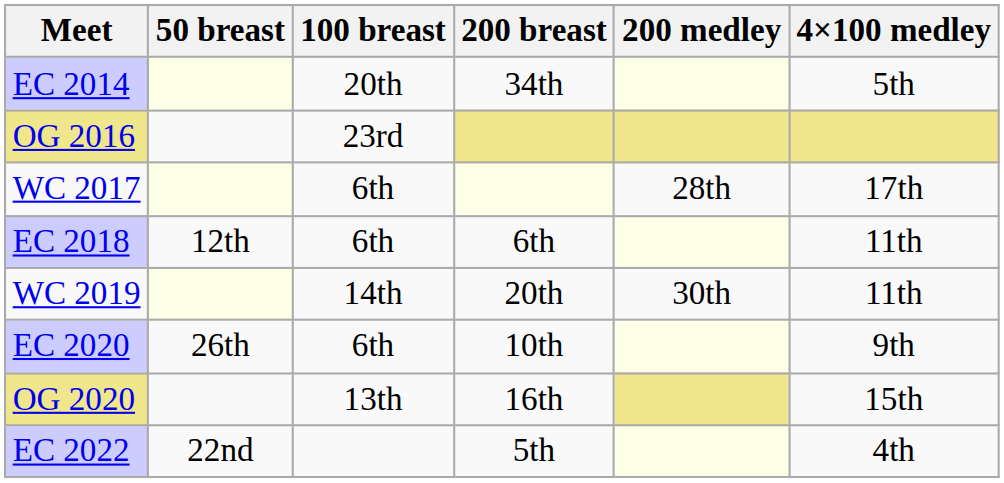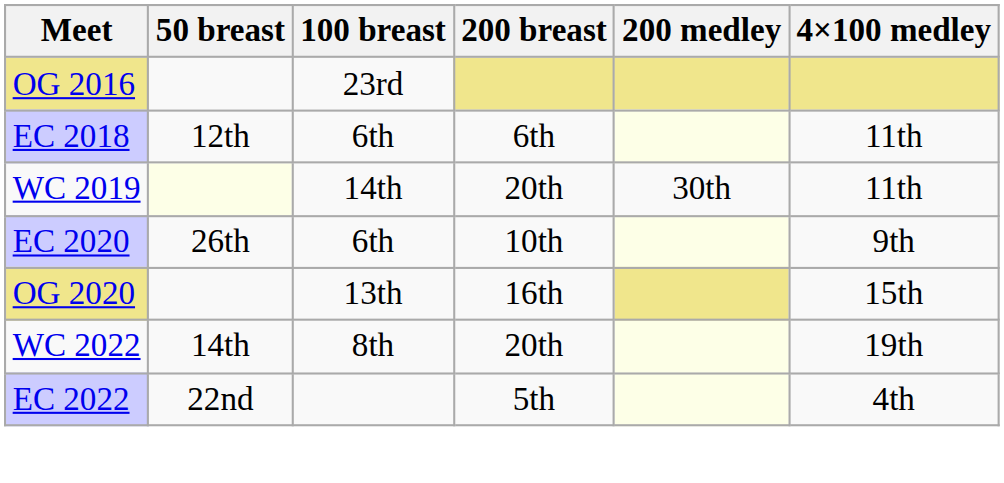 <table class="sortable wikitable">
 <tr>
 <th>Meet</th>
 <th class="unsortable">50 breast</th>
 <th class="unsortable">100 breast</th>
 <th class="unsortable">200 breast</th>
 <th class="unsortable">200 medley</th>
 <th class="unsortable">4×100 medley</th>
 </tr>
 <tr>
-<td style="background:#ccccff"><a href='#'>EC 2014</a></td>
-<td style="background:#fdffe7"></td>
-<td align="center">20th</td>
-<td align="center">34th</td>
-<td style="background:#fdffe7"></td>
-<td align="center">5th</td>
-</tr>
-<tr>
 <td style="background:#f0e68c"><a href='#'>OG 2016</a></td>
 <td></td>
 <td align="center">23rd</td>
 <td style="background:#f0e68c"></td>
 <td style="background:#f0e68c"></td>
 <td style="background:#f0e68c"></td>
-</tr>
-<tr>
-<td><a href='#'>WC 2017</a></td>
-<td style="background:#fdffe7"></td>
-<td align="center">6th</td>
-<td style="background:#fdffe7"></td>
-<td align="center">28th</td>
-<td align="center">17th</td>
 </tr>
 <tr>
 <td style="background:#ccccff"><a href='#'>EC 2018</a></td>
 <td align="center">12th</td>
 <td align="center">6th</td>
 <td align="center">6th</td>
 <td style="background:#fdffe7"></td>
 <td align="center">11th</td>
 </tr>
 <tr>
 <td><a href='#'>WC 2019</a></td>
 <td style="background:#fdffe7"></td>
 <td align="center">14th</td>
 <td align="center">20th</td>
 <td align="center">30th</td>
 <td align="center">11th</td>
 </tr>
 <tr>
 <td style="background:#ccccff"><a href='#'>EC 2020</a></td>
 <td align="center">26th</td>
 <td align="center">6th</td>
 <td align="center">10th</td>
 <td style="background:#fdffe7"></td>
 <td align="center">9th</td>
 </tr>
 <tr>
 <td style="background:#f0e68c"><a href='#'>OG 2020</a></td>
 <td></td>
 <td align="center">13th</td>
 <td align="center">16th</td>
 <td style="background:#f0e68c"></td>
 <td align="center">15th</td>
 </tr>
 <tr>
+<td><a href='#'>WC 2022</a></td>
+<td align="center">14th</td>
+<td align="center">8th</td>
+<td align="center">20th</td>
+<td style="background:#fdffe7"></td>
+<td align="center">19th</td>
+</tr>
+<tr>
 <td style="background:#ccccff"><a href='#'>EC 2022</a></td>
 <td align="center">22nd</td>
 <td align="center"></td>
 <td align="center">5th</td>
 <td style="background:#fdffe7"></td>
 <td align="center">4th</td>
 </tr>
 </table>
